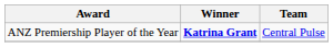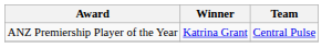 <table class="wikitable collapsible">
 <tr>
 <th>Award</th>
 <th>Winner</th>
 <th>Team</th>
 </tr>
 <tr>
 <td>ANZ Premiership Player of the Year</td>
-<td><strong><a href='#'>Katrina Grant</a></strong></td>
+<td><a href='#'>Katrina Grant</a></td>
 <td><a href='#'>Central Pulse</a></td>
 </tr>
 <tr>
 </tr>
 </table>
